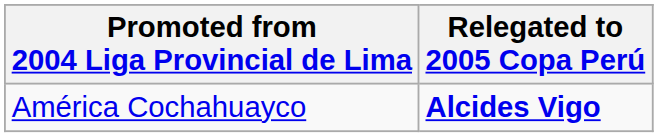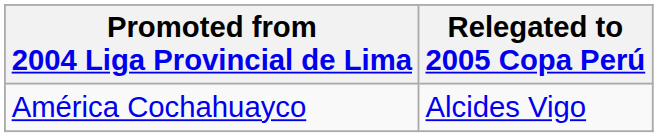 <table class="wikitable">
 <tr>
 <th>Promoted from<br><a href='#'>2004 Liga Provincial de Lima</a></th>
 <th>Relegated to<br><a href='#'>2005 Copa Perú</a></th>
 </tr>
 <tr>
 <td> <a href='#'>América Cochahuayco</a> </td>
-<td><strong> <a href='#'>Alcides Vigo</a> </strong></td>
+<td> <a href='#'>Alcides Vigo</a> </td>
 </tr>
 </table>
